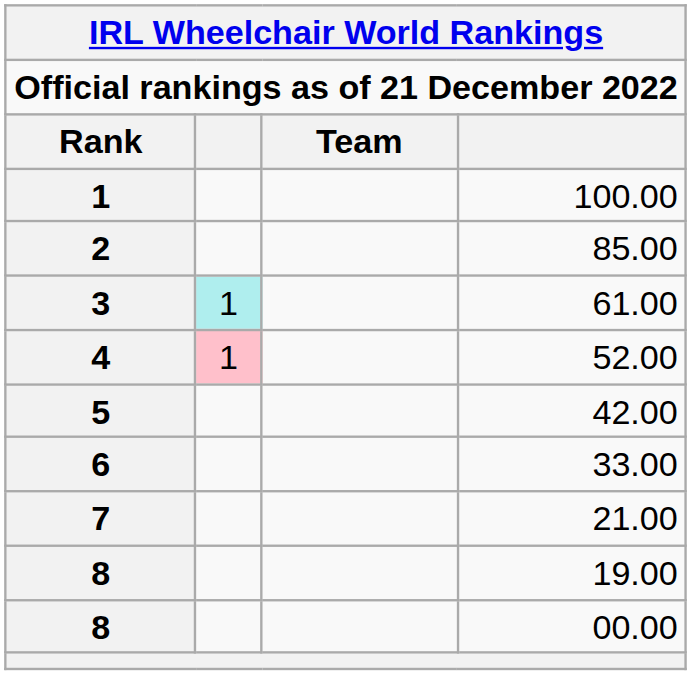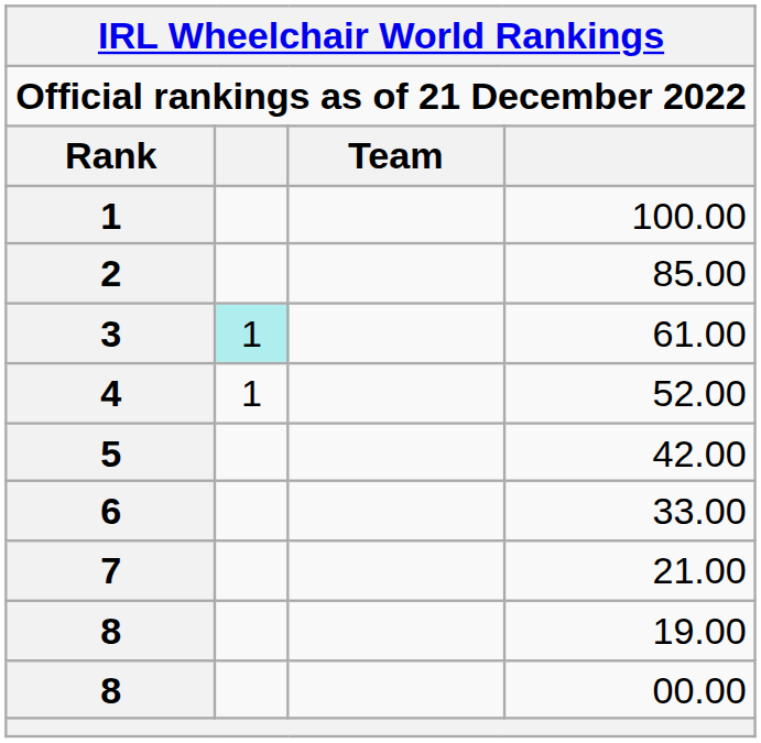 <table class="wikitable" style="text-align:center; font-size: 90%; float: left; margin-left: 1em;">
 <tr>
 <th colspan="4"><a href='#'>IRL Wheelchair World Rankings</a></th>
 </tr>
 <tr>
 <td colspan=4 style="text-align:center;"><strong>Official rankings as of 21 December 2022</strong></td>
 </tr>
 <tr>
 <th>Rank</th>
 <th></th>
 <th>Team</th>
 <th></th>
 </tr>
 <tr>
 <th>1</th>
 <td></td>
 <td style="text-align:left;"></td>
 <td style="text-align:right;">100.00</td>
 </tr>
 <tr>
 <th>2</th>
 <td></td>
 <td style="text-align:left;"></td>
 <td style="text-align:right;">85.00</td>
 </tr>
 <tr>
 <th>3</th>
 <td style="background: paleturquoise;"> 1</td>
 <td style="text-align:left;"></td>
 <td style="text-align:right;">61.00</td>
 </tr>
 <tr>
 <th>4</th>
-<td style="background: pink;"> 1</td>
+<td> 1</td>
 <td style="text-align:left;"></td>
 <td style="text-align:right;">52.00</td>
 </tr>
 <tr>
 <th>5</th>
 <td></td>
 <td style="text-align:left;"></td>
 <td style="text-align:right;">42.00</td>
 </tr>
 <tr>
 <th>6</th>
 <td></td>
 <td style="text-align:left;"></td>
 <td style="text-align:right;">33.00</td>
 </tr>
 <tr>
 <th>7</th>
 <td></td>
 <td style="text-align:left;"></td>
 <td style="text-align:right;">21.00</td>
 </tr>
 <tr>
 <th>8</th>
 <td></td>
 <td style="text-align:left;"></td>
 <td style="text-align:right;">19.00</td>
 </tr>
 <tr>
 <th>8</th>
 <td></td>
 <td style="text-align:left;"></td>
 <td style="text-align:right;">00.00</td>
 </tr>
 <tr>
 <th colspan=4></th>
 </tr>
 </table>
